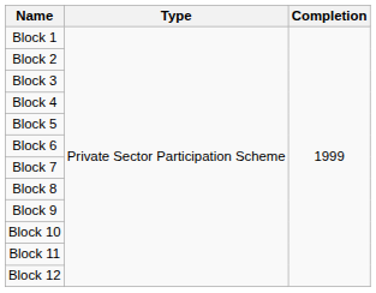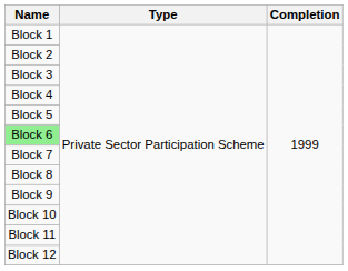 <table class="wikitable" style="text-align: center">
 <tr>
 <th>Name</th>
 <th>Type</th>
 <th>Completion</th>
 </tr>
 <tr>
 <td>Block 1</td>
 <td rowspan="12">Private Sector Participation Scheme</td>
 <td rowspan="12">1999</td>
 </tr>
 <tr>
 <td>Block 2</td>
 </tr>
 <tr>
 <td>Block 3</td>
 </tr>
 <tr>
 <td>Block 4</td>
 </tr>
 <tr>
 <td>Block 5</td>
 </tr>
 <tr>
-<td>Block 6</td>
+<td style="background: lightgreen;">Block 6</td>
 </tr>
 <tr>
 <td>Block 7</td>
 </tr>
 <tr>
 <td>Block 8</td>
 </tr>
 <tr>
 <td>Block 9</td>
 </tr>
 <tr>
 <td>Block 10</td>
 </tr>
 <tr>
 <td>Block 11</td>
 </tr>
 <tr>
 <td>Block 12</td>
 </tr>
 </table>
